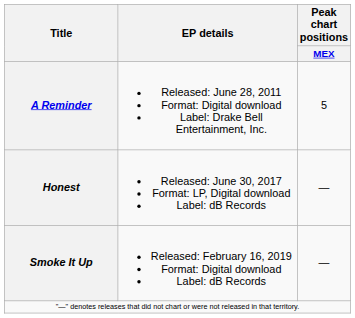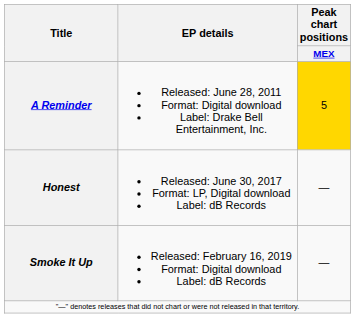 <table class="wikitable plainrowheaders" style="text-align:center;">
 <tr>
 <th scope="col" rowspan="2" style="width:10em;">Title</th>
 <th scope="col" rowspan="2" style="width:16em;">EP details</th>
 <th scope="col" colspan="1">Peak chart positions</th>
 </tr>
 <tr>
 <th style="width:3em;font-size:90%"><a href='#'>MEX</a><br></th>
 </tr>
 <tr>
 <th scope="row"><em><a href='#'>A Reminder</a></em></th>
 <td><br><ul><li>Released: June 28, 2011</li><li>Format: Digital download</li><li>Label: Drake Bell Entertainment, Inc.</li></ul></td>
-<td>5</td>
+<td style="background: gold;">5</td>
 </tr>
 <tr>
 <th scope="row"><em>Honest</em></th>
 <td><br><ul><li>Released: June 30, 2017</li><li>Format: LP, Digital download</li><li>Label: dB Records</li></ul></td>
 <td>—</td>
 </tr>
 <tr>
 <th scope="row"><em>Smoke It Up</em></th>
 <td><br><ul><li>Released: February 16, 2019</li><li>Format: Digital download</li><li>Label: dB Records</li></ul></td>
 <td>—</td>
 </tr>
 <tr>
 <td align="center" colspan="15" style="font-size:8pt">"—" denotes releases that did not chart or were not released in that territory.</td>
 </tr>
 </table>
